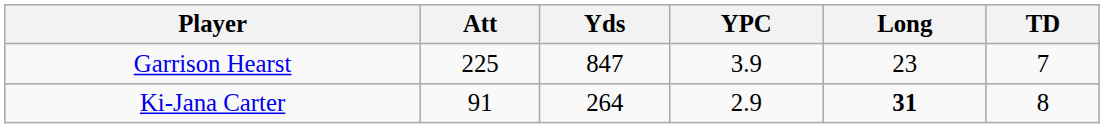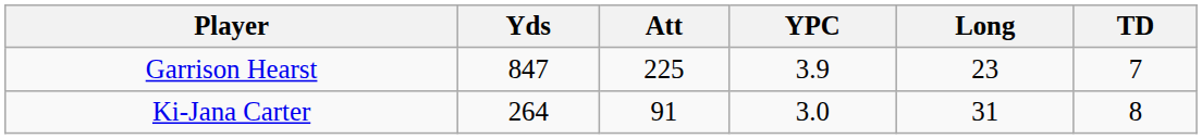 <table class="wikitable" style="text-align:center;" width="80%">
 <tr>
 <th>Player</th>
+<th>Yds</th>
 <th>Att</th>
-<th>Yds</th>
 <th>YPC</th>
 <th>Long</th>
 <th>TD</th>
 </tr>
 <tr>
 <td><a href='#'>Garrison Hearst</a></td>
+<td>847</td>
 <td>225</td>
-<td>847</td>
 <td>3.9</td>
 <td>23</td>
 <td>7</td>
 </tr>
 <tr>
 <td><a href='#'>Ki-Jana Carter</a></td>
+<td>264</td>
 <td>91</td>
-<td>264</td>
-<td>2.9</td>
-<td><strong>31</strong></td>
+<td>3.0</td>
+<td>31</td>
 <td>8</td>
 </tr>
 </table>
